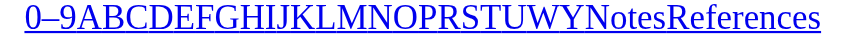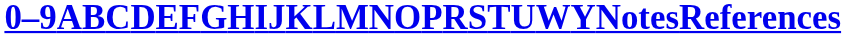 <table id="toc" class="toc" summary="Class" align="center" style="text-align:center;">
 <tr>
 <th></th>
 </tr>
 <tr>
-<td><a href='#'>0–9</a><a href='#'>A</a><a href='#'>B</a><a href='#'>C</a><a href='#'>D</a><a href='#'>E</a><a href='#'>F</a><a href='#'>G</a><a href='#'>H</a><a href='#'>I</a><a href='#'>J</a><a href='#'>K</a><a href='#'>L</a><a href='#'>M</a><a href='#'>N</a><a href='#'>O</a><a href='#'>P</a><a href='#'>R</a><a href='#'>S</a><a href='#'>T</a><a href='#'>U</a><a href='#'>W</a><a href='#'>Y</a><a href='#'>Notes</a><a href='#'>References</a></td>
+<td><strong><a href='#'>0–9</a><a href='#'>A</a><a href='#'>B</a><a href='#'>C</a><a href='#'>D</a><a href='#'>E</a><a href='#'>F</a><a href='#'>G</a><a href='#'>H</a><a href='#'>I</a><a href='#'>J</a><a href='#'>K</a><a href='#'>L</a><a href='#'>M</a><a href='#'>N</a><a href='#'>O</a><a href='#'>P</a><a href='#'>R</a><a href='#'>S</a><a href='#'>T</a><a href='#'>U</a><a href='#'>W</a><a href='#'>Y</a><a href='#'>Notes</a><a href='#'>References</a></strong></td>
 </tr>
 </table>
